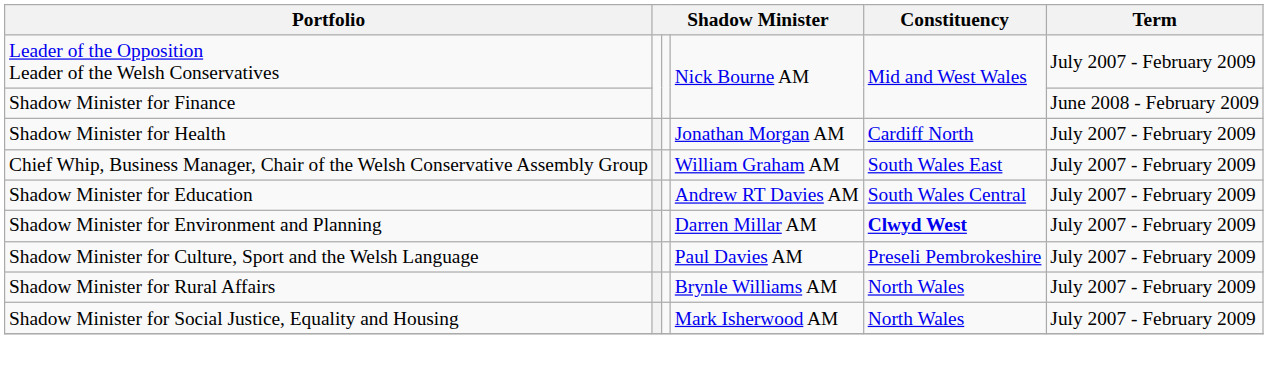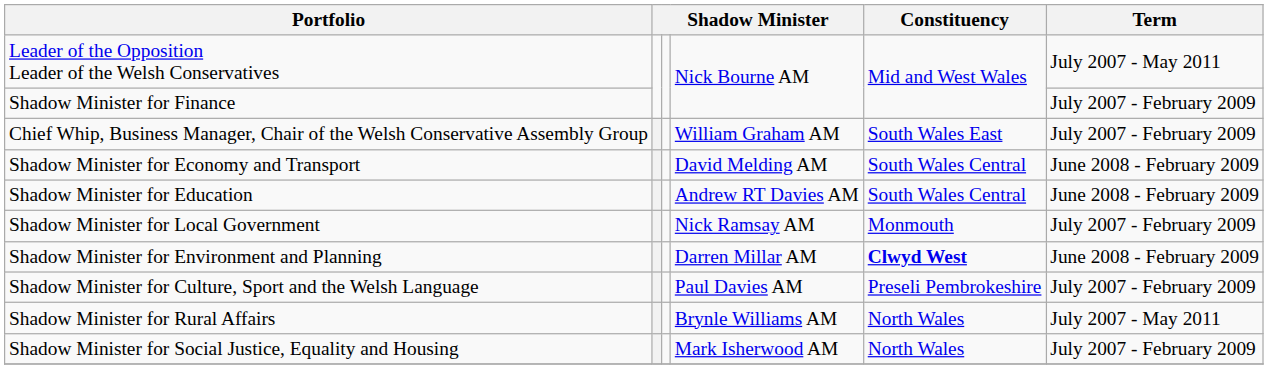 <table class="wikitable">
 <tr>
 <th colspan="1">Portfolio</th>
 <th colspan="3">Shadow Minister</th>
 <th colspan="1">Constituency</th>
 <th colspan="1">Term</th>
 </tr>
 <tr>
 <td><a href='#'>Leader of the Opposition</a><br>Leader of the Welsh Conservatives</td>
 <td rowspan="2" ! style="background: "></td>
 <td rowspan="2"></td>
 <td rowspan="2"><a href='#'>Nick Bourne</a> AM</td>
 <td rowspan="2"><a href='#'>Mid and West Wales</a></td>
-<td>July 2007 - February 2009</td>
+<td>July 2007 - May 2011</td>
 </tr>
 <tr>
 <td>Shadow Minister for Finance</td>
-<td>June 2008 - February 2009</td>
-</tr>
-<tr>
-<td>Shadow Minister for Health</td>
-<th style="background: "></th>
-<td></td>
-<td><a href='#'>Jonathan Morgan</a> AM</td>
-<td><a href='#'>Cardiff North</a></td>
 <td>July 2007 - February 2009</td>
 </tr>
 <tr>
 <td>Chief Whip, Business Manager, Chair of the Welsh Conservative Assembly Group</td>
 <th style="background: "></th>
 <td></td>
 <td><a href='#'>William Graham</a> AM</td>
 <td><a href='#'>South Wales East</a></td>
 <td>July 2007 - February 2009</td>
 </tr>
 <tr>
+<td>Shadow Minister for Economy and Transport</td>
+<th style="background: "></th>
+<td></td>
+<td><a href='#'>David Melding</a> AM</td>
+<td><a href='#'>South Wales Central</a></td>
+<td>June 2008 - February 2009</td>
+</tr>
+<tr>
 <td>Shadow Minister for Education</td>
 <th style="background: "></th>
 <td></td>
 <td><a href='#'>Andrew RT Davies</a> AM</td>
 <td><a href='#'>South Wales Central</a></td>
+<td>June 2008 - February 2009</td>
+</tr>
+<tr>
+<td>Shadow Minister for Local Government</td>
+<th style="background: "></th>
+<td></td>
+<td><a href='#'>Nick Ramsay</a> AM</td>
+<td><a href='#'>Monmouth</a></td>
 <td>July 2007 - February 2009</td>
 </tr>
 <tr>
 <td>Shadow Minister for Environment and Planning</td>
 <th style="background: "></th>
 <td></td>
 <td><a href='#'>Darren Millar</a> AM</td>
 <td><strong><a href='#'>Clwyd West</a></strong></td>
-<td>July 2007 - February 2009</td>
+<td>June 2008 - February 2009</td>
 </tr>
 <tr>
 <td>Shadow Minister for Culture, Sport and the Welsh Language</td>
 <th style="background: "></th>
 <td></td>
 <td><a href='#'>Paul Davies</a> AM</td>
 <td><a href='#'>Preseli Pembrokeshire</a></td>
 <td>July 2007 - February 2009</td>
 </tr>
 <tr>
 <td>Shadow Minister for Rural Affairs</td>
 <th style="background: "></th>
 <td></td>
 <td><a href='#'>Brynle Williams</a> AM</td>
 <td><a href='#'>North Wales</a></td>
-<td>July 2007 - February 2009</td>
+<td>July 2007 - May 2011</td>
 </tr>
 <tr>
 <td>Shadow Minister for Social Justice, Equality and Housing</td>
 <th style="background: "></th>
 <td></td>
 <td><a href='#'>Mark Isherwood</a> AM</td>
 <td><a href='#'>North Wales</a></td>
 <td>July 2007 - February 2009</td>
 </tr>
 <tr>
 </tr>
 </table>
